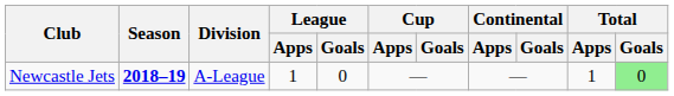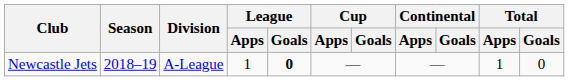 <table class="wikitable" style="text-align: center">
 <tr>
 <th rowspan="2">Club</th>
 <th rowspan="2">Season</th>
 <th rowspan="2">Division</th>
 <th colspan="2">League</th>
 <th colspan="2">Cup</th>
 <th colspan="2">Continental</th>
 <th colspan="2">Total</th>
 </tr>
 <tr>
 <th>Apps</th>
 <th>Goals</th>
 <th>Apps</th>
 <th>Goals</th>
 <th>Apps</th>
 <th>Goals</th>
 <th>Apps</th>
 <th>Goals</th>
 </tr>
 <tr>
 <td><a href='#'>Newcastle Jets</a></td>
-<td><strong><a href='#'>2018–19</a></strong></td>
+<td><a href='#'>2018–19</a></td>
 <td><a href='#'>A-League</a></td>
 <td>1</td>
-<td>0</td>
+<td><strong>0</strong></td>
 <td colspan="2">—</td>
 <td colspan="2">—</td>
 <td>1</td>
-<td style="background: lightgreen;">0</td>
+<td>0</td>
 </tr>
 </table>
